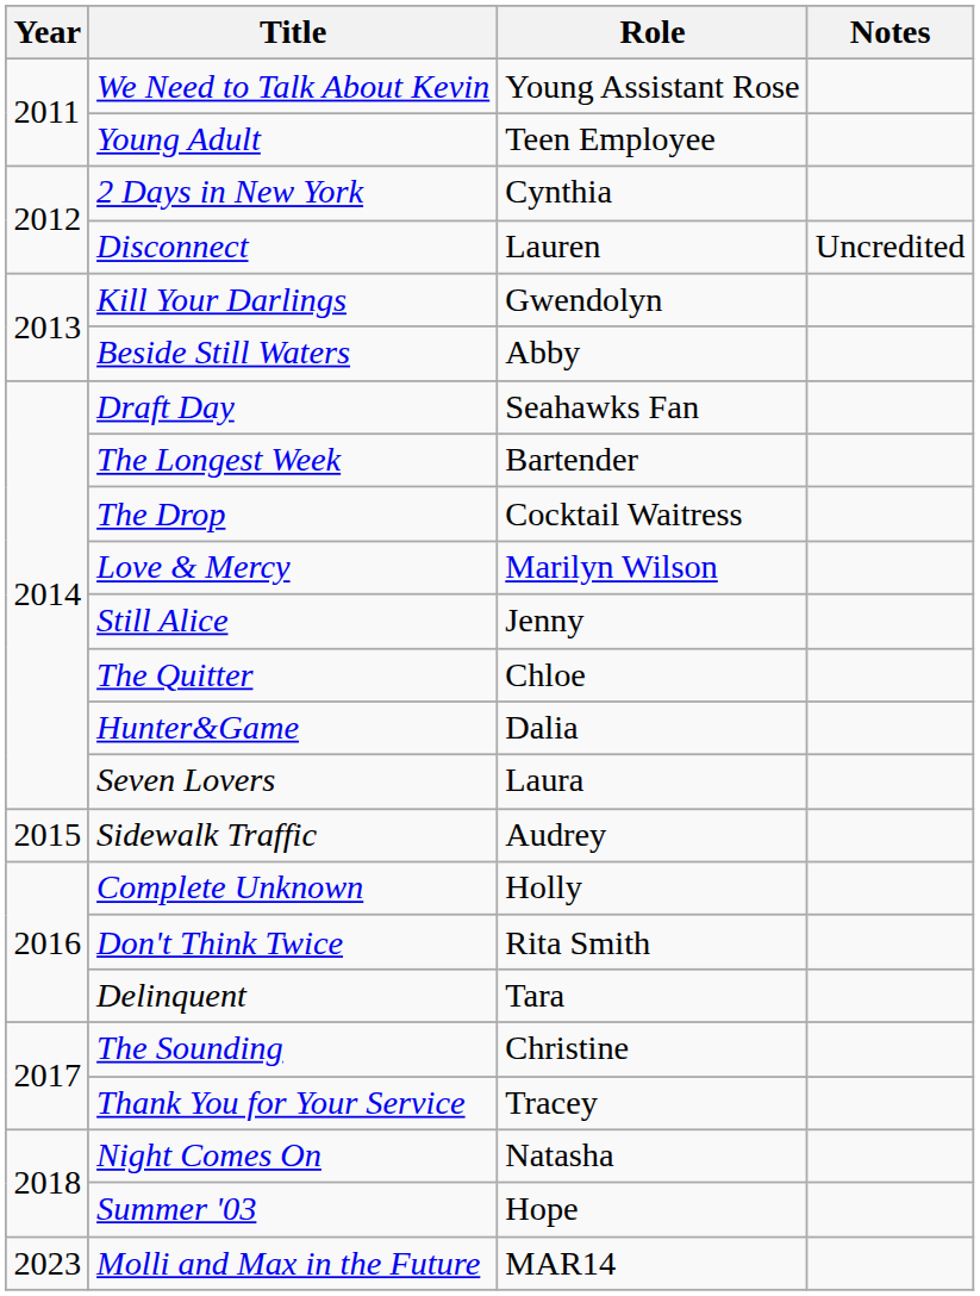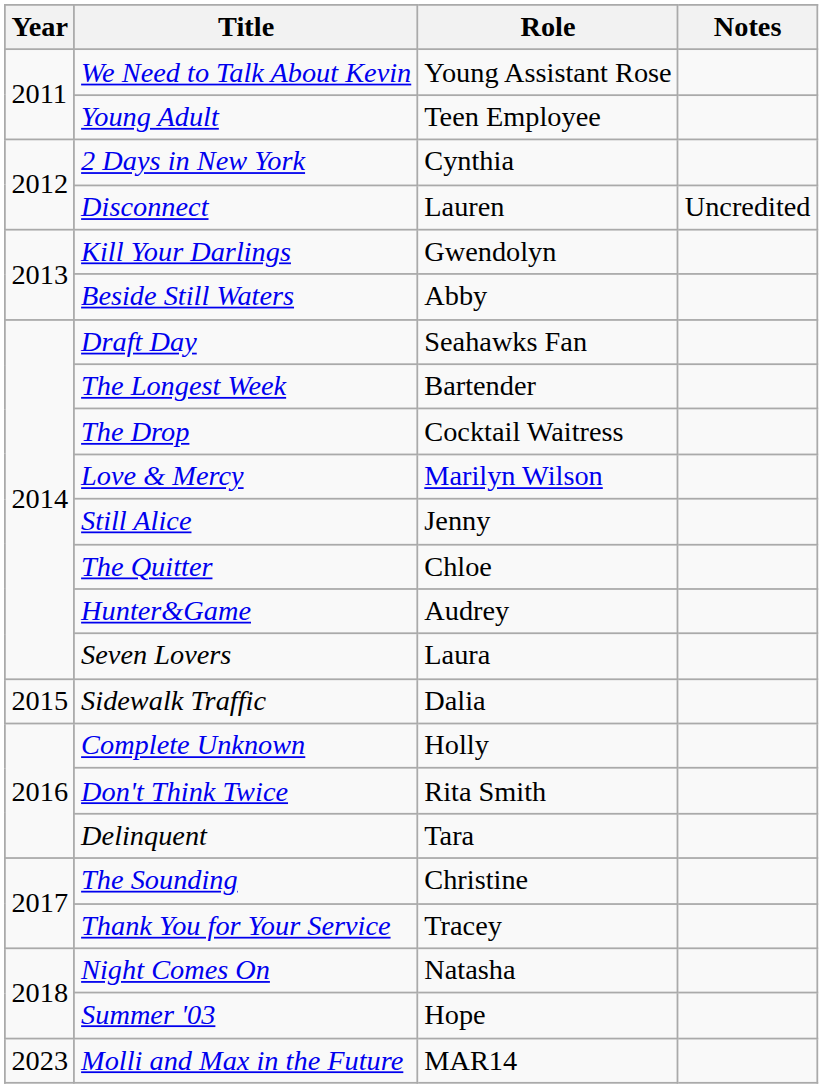 <table class="wikitable sortable">
 <tr>
 <th scope="col">Year</th>
 <th scope="col">Title</th>
 <th scope="col">Role</th>
 <th scope="col">Notes</th>
 </tr>
 <tr>
 <td rowspan="2">2011</td>
 <td scope="row"><a href='#'><em>We Need to Talk About Kevin</em></a></td>
 <td>Young Assistant Rose</td>
 <td></td>
 </tr>
 <tr>
 <td scope="row"><a href='#'><em>Young Adult</em></a></td>
 <td>Teen Employee</td>
 <td></td>
 </tr>
 <tr>
 <td rowspan="2">2012</td>
 <td scope="row"><em><a href='#'>2 Days in New York</a></em></td>
 <td>Cynthia</td>
 <td></td>
 </tr>
 <tr>
 <td scope="row"><a href='#'><em>Disconnect</em></a></td>
 <td>Lauren</td>
 <td>Uncredited</td>
 </tr>
 <tr>
 <td rowspan="2">2013</td>
 <td scope="row"><a href='#'><em>Kill Your Darlings</em></a></td>
 <td>Gwendolyn</td>
 <td></td>
 </tr>
 <tr>
 <td scope="row"><a href='#'><em>Beside Still Waters</em></a></td>
 <td>Abby</td>
 <td></td>
 </tr>
 <tr>
 <td rowspan="8">2014</td>
 <td scope="row"><em><a href='#'>Draft Day</a></em></td>
 <td>Seahawks Fan</td>
 <td></td>
 </tr>
 <tr>
 <td scope="row"><em><a href='#'>The Longest Week</a></em></td>
 <td>Bartender</td>
 <td></td>
 </tr>
 <tr>
 <td scope="row"><a href='#'><em>The Drop</em></a></td>
 <td>Cocktail Waitress</td>
 <td></td>
 </tr>
 <tr>
 <td scope="row"><a href='#'><em>Love & Mercy</em></a></td>
 <td><a href='#'>Marilyn Wilson</a></td>
 <td></td>
 </tr>
 <tr>
 <td scope="row"><em><a href='#'>Still Alice</a></em></td>
 <td>Jenny</td>
 <td></td>
 </tr>
 <tr>
 <td scope="row"><a href='#'><em>The Quitter</em></a></td>
 <td>Chloe</td>
 <td></td>
 </tr>
 <tr>
 <td scope="row"><em><a href='#'>Hunter&Game</a></em></td>
-<td>Dalia</td>
+<td>Audrey</td>
 <td></td>
 </tr>
 <tr>
 <td scope="row"><em>Seven Lovers</em></td>
 <td>Laura</td>
 <td></td>
 </tr>
 <tr>
 <td>2015</td>
 <td scope="row"><em>Sidewalk Traffic</em></td>
-<td>Audrey</td>
+<td>Dalia</td>
 <td></td>
 </tr>
 <tr>
 <td rowspan="3">2016</td>
 <td scope="row"><em><a href='#'>Complete Unknown</a></em></td>
 <td>Holly</td>
 <td></td>
 </tr>
 <tr>
 <td scope="row"><em><a href='#'>Don't Think Twice</a></em></td>
 <td>Rita Smith</td>
 <td></td>
 </tr>
 <tr>
 <td scope="row"><em>Delinquent</em></td>
 <td>Tara</td>
 <td></td>
 </tr>
 <tr>
 <td rowspan="2">2017</td>
 <td scope="row"><em><a href='#'>The Sounding</a></em></td>
 <td>Christine</td>
 <td></td>
 </tr>
 <tr>
 <td scope="row"><a href='#'><em>Thank You for Your Service</em></a></td>
 <td>Tracey</td>
 <td></td>
 </tr>
 <tr>
 <td rowspan="2">2018</td>
 <td scope="row"><em><a href='#'>Night Comes On</a></em></td>
 <td>Natasha</td>
 <td></td>
 </tr>
 <tr>
 <td scope="row"><em><a href='#'>Summer '03</a></em></td>
 <td>Hope</td>
 <td></td>
 </tr>
 <tr>
 <td>2023</td>
 <td scope="row"><em><a href='#'>Molli and Max in the Future</a></em></td>
 <td>MAR14</td>
 <td></td>
 </tr>
 </table>
